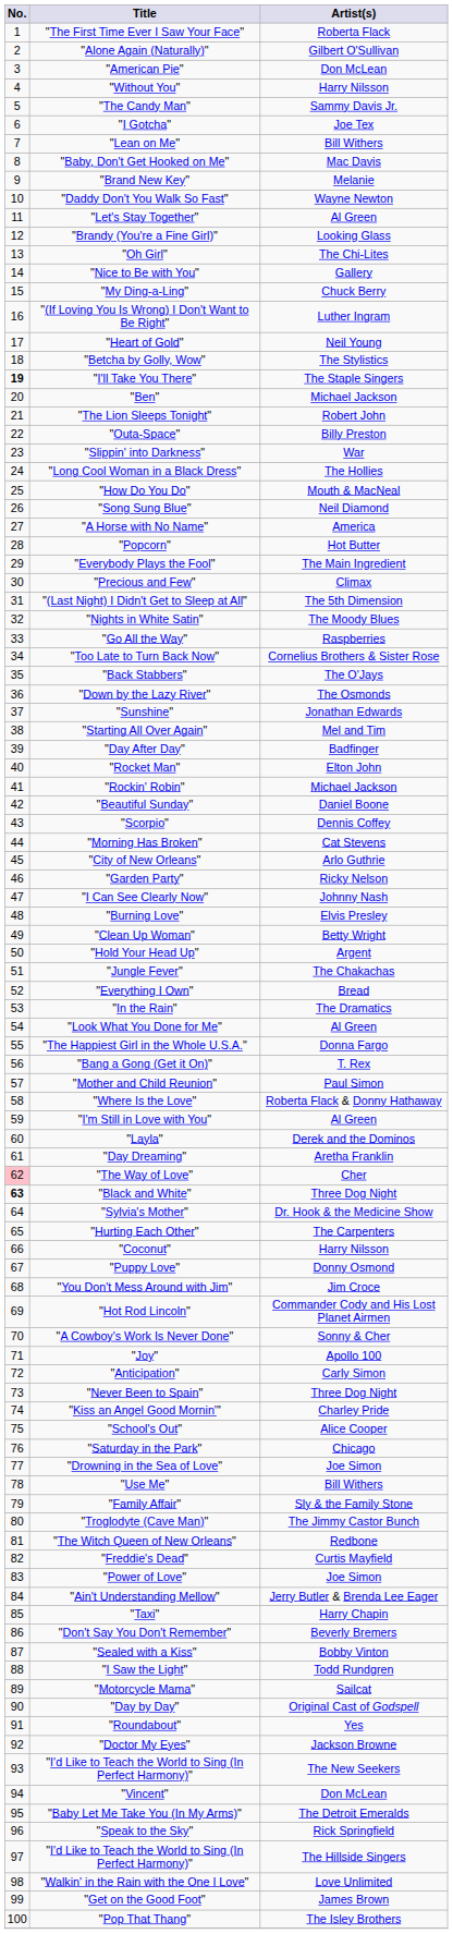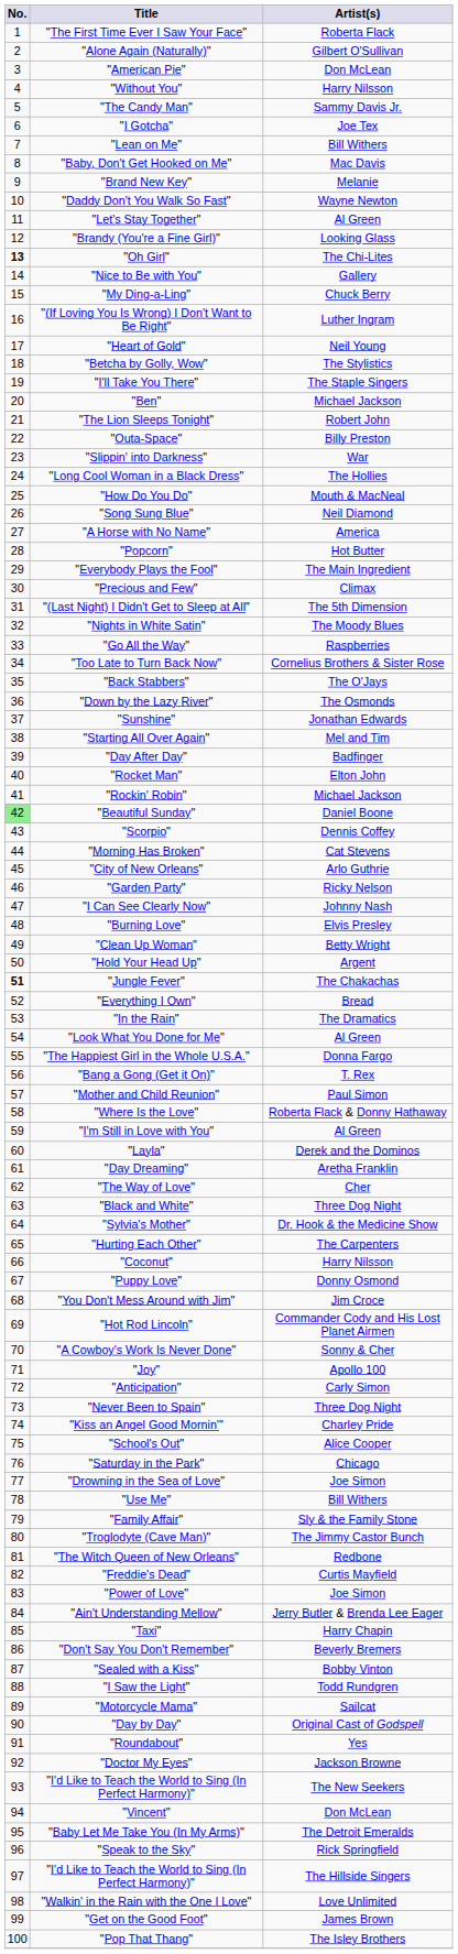 <table class="wikitable sortable" style="text-align: center">
 <tr>
 <th scope="col" style="background:#dde;">No.</th>
 <th scope="col" style="background:#dde;">Title</th>
 <th scope="col" style="background:#dde;">Artist(s)</th>
 </tr>
 <tr>
 <td>1</td>
 <td>"<a href='#'>The First Time Ever I Saw Your Face</a>"</td>
 <td data-sort-value="Flack"><a href='#'>Roberta Flack</a></td>
 </tr>
 <tr>
 <td>2</td>
 <td>"<a href='#'>Alone Again (Naturally)</a>"</td>
 <td data-sort-value="Osullivan"><a href='#'>Gilbert O'Sullivan</a></td>
 </tr>
 <tr>
 <td>3</td>
 <td>"<a href='#'>American Pie</a>"</td>
 <td data-sort-value="McLean"><a href='#'>Don McLean</a></td>
 </tr>
 <tr>
 <td>4</td>
 <td>"<a href='#'>Without You</a>"</td>
 <td data-sort-value="Nilsson"><a href='#'>Harry Nilsson</a></td>
 </tr>
 <tr>
 <td>5</td>
 <td>"<a href='#'>The Candy Man</a>"</td>
 <td data-sort-value="Davis, Sammy"><a href='#'>Sammy Davis Jr.</a></td>
 </tr>
 <tr>
 <td>6</td>
 <td>"<a href='#'>I Gotcha</a>"</td>
 <td data-sort-value="Tex"><a href='#'>Joe Tex</a></td>
 </tr>
 <tr>
 <td>7</td>
 <td>"<a href='#'>Lean on Me</a>"</td>
 <td data-sort-value="Withers"><a href='#'>Bill Withers</a></td>
 </tr>
 <tr>
 <td>8</td>
 <td>"<a href='#'>Baby, Don't Get Hooked on Me</a>"</td>
 <td data-sort-value="Davis, Mac"><a href='#'>Mac Davis</a></td>
 </tr>
 <tr>
 <td>9</td>
 <td>"<a href='#'>Brand New Key</a>"</td>
 <td><a href='#'>Melanie</a></td>
 </tr>
 <tr>
 <td>10</td>
 <td>"<a href='#'>Daddy Don't You Walk So Fast</a>"</td>
 <td data-sort-value="Newton"><a href='#'>Wayne Newton</a></td>
 </tr>
 <tr>
 <td>11</td>
 <td>"<a href='#'>Let's Stay Together</a>"</td>
 <td data-sort-value="Green"><a href='#'>Al Green</a></td>
 </tr>
 <tr>
 <td>12</td>
 <td>"<a href='#'>Brandy (You're a Fine Girl)</a>"</td>
 <td><a href='#'>Looking Glass</a></td>
 </tr>
 <tr>
-<td>13</td>
+<td><strong>13</strong></td>
 <td>"<a href='#'>Oh Girl</a>"</td>
 <td data-sort-value="Chi-Lites"><a href='#'>The Chi-Lites</a></td>
 </tr>
 <tr>
 <td>14</td>
 <td>"<a href='#'>Nice to Be with You</a>"</td>
 <td><a href='#'>Gallery</a></td>
 </tr>
 <tr>
 <td>15</td>
 <td>"<a href='#'>My Ding-a-Ling</a>"</td>
 <td data-sort-value="Berry"><a href='#'>Chuck Berry</a></td>
 </tr>
 <tr>
 <td>16</td>
 <td>"<a href='#'>(If Loving You Is Wrong) I Don't Want to Be Right</a>"</td>
 <td data-sort-value="Ingram"><a href='#'>Luther Ingram</a></td>
 </tr>
 <tr>
 <td>17</td>
 <td>"<a href='#'>Heart of Gold</a>"</td>
 <td data-sort-value="Young"><a href='#'>Neil Young</a></td>
 </tr>
 <tr>
 <td>18</td>
 <td>"<a href='#'>Betcha by Golly, Wow</a>"</td>
 <td data-sort-value="Stylistics"><a href='#'>The Stylistics</a></td>
 </tr>
 <tr>
-<td><strong>19</strong></td>
+<td>19</td>
 <td>"<a href='#'>I'll Take You There</a>"</td>
 <td data-sort-value="Staple Singers"><a href='#'>The Staple Singers</a></td>
 </tr>
 <tr>
 <td>20</td>
 <td>"<a href='#'>Ben</a>"</td>
 <td data-sort-value="Jackson"><a href='#'>Michael Jackson</a></td>
 </tr>
 <tr>
 <td>21</td>
 <td>"<a href='#'>The Lion Sleeps Tonight</a>"</td>
 <td data-sort-value="John, Robert"><a href='#'>Robert John</a></td>
 </tr>
 <tr>
 <td>22</td>
 <td>"<a href='#'>Outa-Space</a>"</td>
 <td data-sort-value="Preston"><a href='#'>Billy Preston</a></td>
 </tr>
 <tr>
 <td>23</td>
 <td>"<a href='#'>Slippin' into Darkness</a>"</td>
 <td><a href='#'>War</a></td>
 </tr>
 <tr>
 <td>24</td>
 <td>"<a href='#'>Long Cool Woman in a Black Dress</a>"</td>
 <td data-sort-value="Hollies"><a href='#'>The Hollies</a></td>
 </tr>
 <tr>
 <td>25</td>
 <td>"<a href='#'>How Do You Do</a>"</td>
 <td><a href='#'>Mouth & MacNeal</a></td>
 </tr>
 <tr>
 <td>26</td>
 <td>"<a href='#'>Song Sung Blue</a>"</td>
 <td data-sort-value="Diamond"><a href='#'>Neil Diamond</a></td>
 </tr>
 <tr>
 <td>27</td>
 <td>"<a href='#'>A Horse with No Name</a>"</td>
 <td><a href='#'>America</a></td>
 </tr>
 <tr>
 <td>28</td>
 <td>"<a href='#'>Popcorn</a>"</td>
 <td><a href='#'>Hot Butter</a></td>
 </tr>
 <tr>
 <td>29</td>
 <td>"<a href='#'>Everybody Plays the Fool</a>"</td>
 <td data-sort-value="Main Ingredient"><a href='#'>The Main Ingredient</a></td>
 </tr>
 <tr>
 <td>30</td>
 <td>"<a href='#'>Precious and Few</a>"</td>
 <td><a href='#'>Climax</a></td>
 </tr>
 <tr>
 <td>31</td>
 <td>"<a href='#'>(Last Night) I Didn't Get to Sleep at All</a>"</td>
 <td data-sort-value="Fifth Dimension"><a href='#'>The 5th Dimension</a></td>
 </tr>
 <tr>
 <td>32</td>
 <td>"<a href='#'>Nights in White Satin</a>"</td>
 <td data-sort-value="Moody Blues"><a href='#'>The Moody Blues</a></td>
 </tr>
 <tr>
 <td>33</td>
 <td>"<a href='#'>Go All the Way</a>"</td>
 <td><a href='#'>Raspberries</a></td>
 </tr>
 <tr>
 <td>34</td>
 <td>"<a href='#'>Too Late to Turn Back Now</a>"</td>
 <td><a href='#'>Cornelius Brothers & Sister Rose</a></td>
 </tr>
 <tr>
 <td>35</td>
 <td>"<a href='#'>Back Stabbers</a>"</td>
 <td data-sort-value="Ojays"><a href='#'>The O'Jays</a></td>
 </tr>
 <tr>
 <td>36</td>
 <td>"<a href='#'>Down by the Lazy River</a>"</td>
 <td data-sort-value="Osmonds"><a href='#'>The Osmonds</a></td>
 </tr>
 <tr>
 <td>37</td>
 <td>"<a href='#'>Sunshine</a>"</td>
 <td data-sort-value="Edwards"><a href='#'>Jonathan Edwards</a></td>
 </tr>
 <tr>
 <td>38</td>
 <td>"<a href='#'>Starting All Over Again</a>"</td>
 <td><a href='#'>Mel and Tim</a></td>
 </tr>
 <tr>
 <td>39</td>
 <td>"<a href='#'>Day After Day</a>"</td>
 <td><a href='#'>Badfinger</a></td>
 </tr>
 <tr>
 <td>40</td>
 <td>"<a href='#'>Rocket Man</a>"</td>
 <td data-sort-value="John, Elton"><a href='#'>Elton John</a></td>
 </tr>
 <tr>
 <td>41</td>
 <td>"<a href='#'>Rockin' Robin</a>"</td>
 <td data-sort-value="Jackson"><a href='#'>Michael Jackson</a></td>
 </tr>
 <tr>
-<td>42</td>
+<td style="background: lightgreen;">42</td>
 <td>"<a href='#'>Beautiful Sunday</a>"</td>
 <td data-sort-value="Boone"><a href='#'>Daniel Boone</a></td>
 </tr>
 <tr>
 <td>43</td>
 <td>"<a href='#'>Scorpio</a>"</td>
 <td data-sort-value="Coffey"><a href='#'>Dennis Coffey</a></td>
 </tr>
 <tr>
 <td>44</td>
 <td>"<a href='#'>Morning Has Broken</a>"</td>
 <td data-sort-value="Stevens"><a href='#'>Cat Stevens</a></td>
 </tr>
 <tr>
 <td>45</td>
 <td>"<a href='#'>City of New Orleans</a>"</td>
 <td data-sort-value="Guthrie"><a href='#'>Arlo Guthrie</a></td>
 </tr>
 <tr>
 <td>46</td>
 <td>"<a href='#'>Garden Party</a>"</td>
 <td data-sort-value="Nelson"><a href='#'>Ricky Nelson</a></td>
 </tr>
 <tr>
 <td>47</td>
 <td>"<a href='#'>I Can See Clearly Now</a>"</td>
 <td data-sort-value="Nash"><a href='#'>Johnny Nash</a></td>
 </tr>
 <tr>
 <td>48</td>
 <td>"<a href='#'>Burning Love</a>"</td>
 <td data-sort-value="Presley"><a href='#'>Elvis Presley</a></td>
 </tr>
 <tr>
 <td>49</td>
 <td>"<a href='#'>Clean Up Woman</a>"</td>
 <td data-sort-value="Wright"><a href='#'>Betty Wright</a></td>
 </tr>
 <tr>
 <td>50</td>
 <td>"<a href='#'>Hold Your Head Up</a>"</td>
 <td><a href='#'>Argent</a></td>
 </tr>
 <tr>
-<td>51</td>
+<td><strong>51</strong></td>
 <td>"<a href='#'>Jungle Fever</a>"</td>
 <td data-sort-value="Chakachas"><a href='#'>The Chakachas</a></td>
 </tr>
 <tr>
 <td>52</td>
 <td>"<a href='#'>Everything I Own</a>"</td>
 <td><a href='#'>Bread</a></td>
 </tr>
 <tr>
 <td>53</td>
 <td>"<a href='#'>In the Rain</a>"</td>
 <td data-sort-value="Dramatics"><a href='#'>The Dramatics</a></td>
 </tr>
 <tr>
 <td>54</td>
 <td>"<a href='#'>Look What You Done for Me</a>"</td>
 <td data-sort-value="Green"><a href='#'>Al Green</a></td>
 </tr>
 <tr>
 <td>55</td>
 <td>"<a href='#'>The Happiest Girl in the Whole U.S.A.</a>"</td>
 <td data-sort-value="Fargo"><a href='#'>Donna Fargo</a></td>
 </tr>
 <tr>
 <td>56</td>
 <td>"<a href='#'>Bang a Gong (Get it On)</a>"</td>
 <td><a href='#'>T. Rex</a></td>
 </tr>
 <tr>
 <td>57</td>
 <td>"<a href='#'>Mother and Child Reunion</a>"</td>
 <td data-sort-value="Simon, Paul"><a href='#'>Paul Simon</a></td>
 </tr>
 <tr>
 <td>58</td>
 <td>"<a href='#'>Where Is the Love</a>"</td>
 <td data-sort-value="Flack And Hathaway"><a href='#'>Roberta Flack</a> & <a href='#'>Donny Hathaway</a></td>
 </tr>
 <tr>
 <td>59</td>
 <td>"<a href='#'>I'm Still in Love with You</a>"</td>
 <td data-sort-value="Green"><a href='#'>Al Green</a></td>
 </tr>
 <tr>
 <td>60</td>
 <td>"<a href='#'>Layla</a>"</td>
 <td><a href='#'>Derek and the Dominos</a></td>
 </tr>
 <tr>
 <td>61</td>
 <td>"<a href='#'>Day Dreaming</a>"</td>
 <td data-sort-value="Franklin"><a href='#'>Aretha Franklin</a></td>
 </tr>
 <tr>
-<td style="background: pink;">62</td>
+<td>62</td>
 <td>"<a href='#'>The Way of Love</a>"</td>
 <td><a href='#'>Cher</a></td>
 </tr>
 <tr>
-<td><strong>63</strong></td>
+<td>63</td>
 <td>"<a href='#'>Black and White</a>"</td>
 <td><a href='#'>Three Dog Night</a></td>
 </tr>
 <tr>
 <td>64</td>
 <td>"<a href='#'>Sylvia's Mother</a>"</td>
 <td><a href='#'>Dr. Hook & the Medicine Show</a></td>
 </tr>
 <tr>
 <td>65</td>
 <td>"<a href='#'>Hurting Each Other</a>"</td>
 <td><a href='#'>The Carpenters</a></td>
 </tr>
 <tr>
 <td>66</td>
 <td>"<a href='#'>Coconut</a>"</td>
 <td data-sort-value="Nilsson"><a href='#'>Harry Nilsson</a></td>
 </tr>
 <tr>
 <td>67</td>
 <td>"<a href='#'>Puppy Love</a>"</td>
 <td data-sort-value="Osmond"><a href='#'>Donny Osmond</a></td>
 </tr>
 <tr>
 <td>68</td>
 <td>"<a href='#'>You Don't Mess Around with Jim</a>"</td>
 <td data-sort-value="Croce"><a href='#'>Jim Croce</a></td>
 </tr>
 <tr>
 <td>69</td>
 <td>"<a href='#'>Hot Rod Lincoln</a>"</td>
 <td><a href='#'>Commander Cody and His Lost Planet Airmen</a></td>
 </tr>
 <tr>
 <td>70</td>
 <td>"<a href='#'>A Cowboy's Work Is Never Done</a>"</td>
 <td><a href='#'>Sonny & Cher</a></td>
 </tr>
 <tr>
 <td>71</td>
 <td>"<a href='#'>Joy</a>"</td>
 <td><a href='#'>Apollo 100</a></td>
 </tr>
 <tr>
 <td>72</td>
 <td>"<a href='#'>Anticipation</a>"</td>
 <td data-sort-value="Simon, Carly"><a href='#'>Carly Simon</a></td>
 </tr>
 <tr>
 <td>73</td>
 <td>"<a href='#'>Never Been to Spain</a>"</td>
 <td><a href='#'>Three Dog Night</a></td>
 </tr>
 <tr>
 <td>74</td>
 <td>"<a href='#'>Kiss an Angel Good Mornin'</a>"</td>
 <td data-sort-value="Pride"><a href='#'>Charley Pride</a></td>
 </tr>
 <tr>
 <td>75</td>
 <td>"<a href='#'>School's Out</a>"</td>
 <td><a href='#'>Alice Cooper</a></td>
 </tr>
 <tr>
 <td>76</td>
 <td>"<a href='#'>Saturday in the Park</a>"</td>
 <td><a href='#'>Chicago</a></td>
 </tr>
 <tr>
 <td>77</td>
 <td>"<a href='#'>Drowning in the Sea of Love</a>"</td>
 <td data-sort-value="Simon, Joe"><a href='#'>Joe Simon</a></td>
 </tr>
 <tr>
 <td>78</td>
 <td>"<a href='#'>Use Me</a>"</td>
 <td data-sort-value="Withers"><a href='#'>Bill Withers</a></td>
 </tr>
 <tr>
 <td>79</td>
 <td>"<a href='#'>Family Affair</a>"</td>
 <td><a href='#'>Sly & the Family Stone</a></td>
 </tr>
 <tr>
 <td>80</td>
 <td>"<a href='#'>Troglodyte (Cave Man)</a>"</td>
 <td data-sort-value="Castor"><a href='#'>The Jimmy Castor Bunch</a></td>
 </tr>
 <tr>
 <td>81</td>
 <td>"<a href='#'>The Witch Queen of New Orleans</a>"</td>
 <td><a href='#'>Redbone</a></td>
 </tr>
 <tr>
 <td>82</td>
 <td>"<a href='#'>Freddie's Dead</a>"</td>
 <td data-sort-value="Mayfield"><a href='#'>Curtis Mayfield</a></td>
 </tr>
 <tr>
 <td>83</td>
 <td>"<a href='#'>Power of Love</a>"</td>
 <td data-sort-value="Simon, Joe"><a href='#'>Joe Simon</a></td>
 </tr>
 <tr>
 <td>84</td>
 <td>"<a href='#'>Ain't Understanding Mellow</a>"</td>
 <td data-sort-value="Butler"><a href='#'>Jerry Butler</a> & <a href='#'>Brenda Lee Eager</a></td>
 </tr>
 <tr>
 <td>85</td>
 <td>"<a href='#'>Taxi</a>"</td>
 <td data-sort-value="Chapin"><a href='#'>Harry Chapin</a></td>
 </tr>
 <tr>
 <td>86</td>
 <td>"<a href='#'>Don't Say You Don't Remember</a>"</td>
 <td data-sort-value="Bremers"><a href='#'>Beverly Bremers</a></td>
 </tr>
 <tr>
 <td>87</td>
 <td>"<a href='#'>Sealed with a Kiss</a>"</td>
 <td data-sort-value="Vinton"><a href='#'>Bobby Vinton</a></td>
 </tr>
 <tr>
 <td>88</td>
 <td>"<a href='#'>I Saw the Light</a>"</td>
 <td data-sort-value="Rundgren"><a href='#'>Todd Rundgren</a></td>
 </tr>
 <tr>
 <td>89</td>
 <td>"<a href='#'>Motorcycle Mama</a>"</td>
 <td><a href='#'>Sailcat</a></td>
 </tr>
 <tr>
 <td>90</td>
 <td>"<a href='#'>Day by Day</a>"</td>
 <td data-sort-value="Godspell"><a href='#'>Original Cast of <em>Godspell</em></a></td>
 </tr>
 <tr>
 <td>91</td>
 <td>"<a href='#'>Roundabout</a>"</td>
 <td><a href='#'>Yes</a></td>
 </tr>
 <tr>
 <td>92</td>
 <td>"<a href='#'>Doctor My Eyes</a>"</td>
 <td data-sort-value="Browne"><a href='#'>Jackson Browne</a></td>
 </tr>
 <tr>
 <td>93</td>
 <td>"<a href='#'>I'd Like to Teach the World to Sing (In Perfect Harmony)</a>"</td>
 <td data-sort-value="New Seekers"><a href='#'>The New Seekers</a></td>
 </tr>
 <tr>
 <td>94</td>
 <td>"<a href='#'>Vincent</a>"</td>
 <td data-sort-value="McLean"><a href='#'>Don McLean</a></td>
 </tr>
 <tr>
 <td>95</td>
 <td>"<a href='#'>Baby Let Me Take You (In My Arms)</a>"</td>
 <td data-sort-value="Detroit Emeralds"><a href='#'>The Detroit Emeralds</a></td>
 </tr>
 <tr>
 <td>96</td>
 <td>"<a href='#'>Speak to the Sky</a>"</td>
 <td data-sort-value="Springfield"><a href='#'>Rick Springfield</a></td>
 </tr>
 <tr>
 <td>97</td>
 <td>"<a href='#'>I'd Like to Teach the World to Sing (In Perfect Harmony)</a>"</td>
 <td data-sort-value="Hillside Singers"><a href='#'>The Hillside Singers</a></td>
 </tr>
 <tr>
 <td>98</td>
 <td>"<a href='#'>Walkin' in the Rain with the One I Love</a>"</td>
 <td><a href='#'>Love Unlimited</a></td>
 </tr>
 <tr>
 <td>99</td>
 <td>"<a href='#'>Get on the Good Foot</a>"</td>
 <td data-sort-value="Brown"><a href='#'>James Brown</a></td>
 </tr>
 <tr>
 <td>100</td>
 <td>"<a href='#'>Pop That Thang</a>"</td>
 <td data-sort-value="Isley Brothers"><a href='#'>The Isley Brothers</a></td>
 </tr>
 <tr>
 </tr>
 </table>
